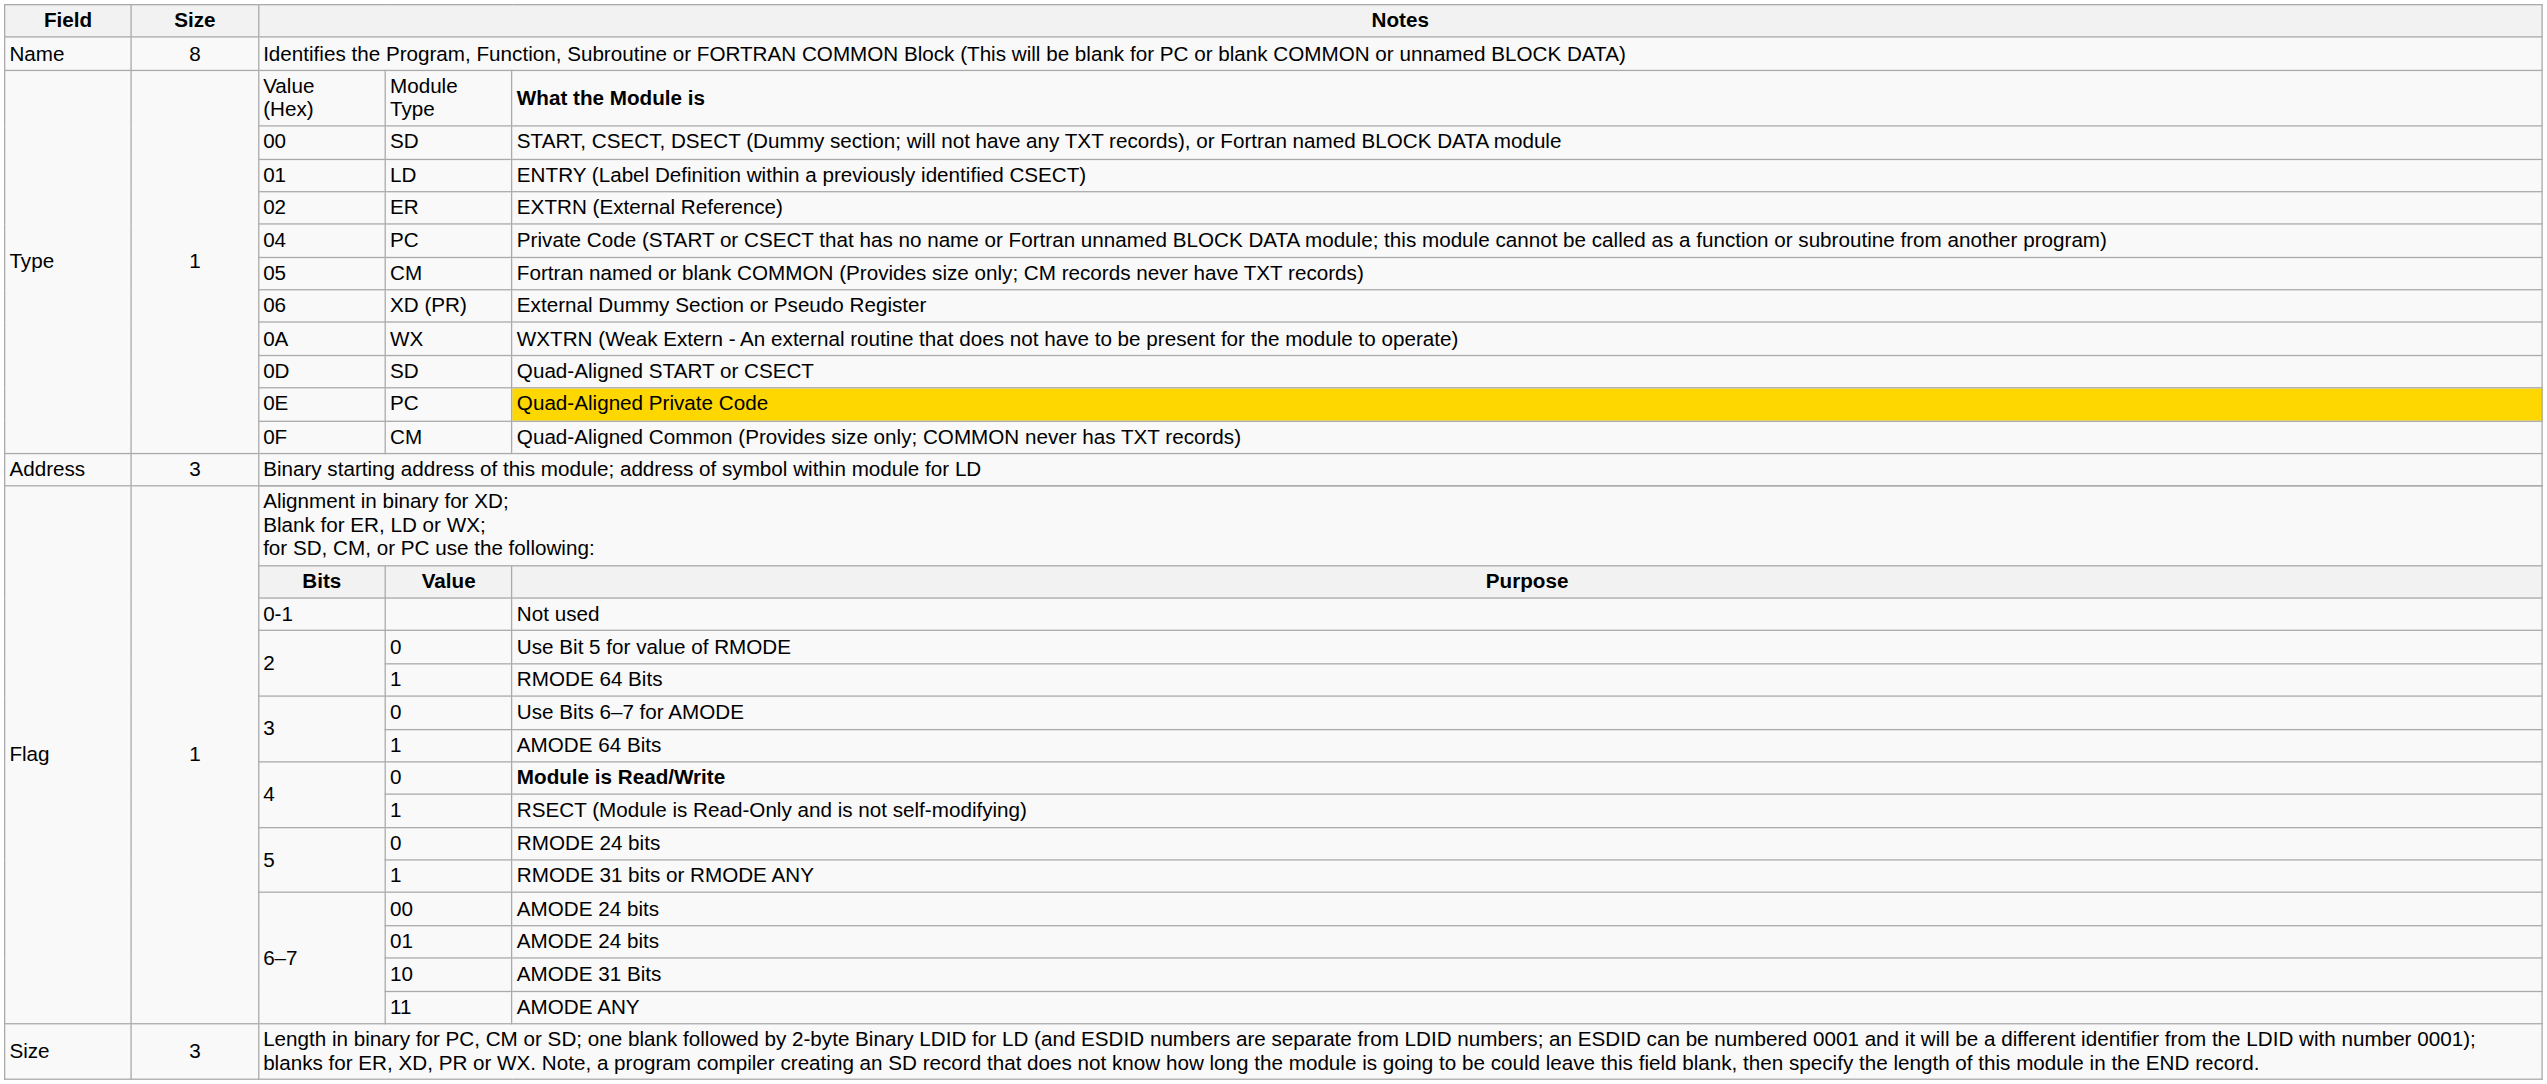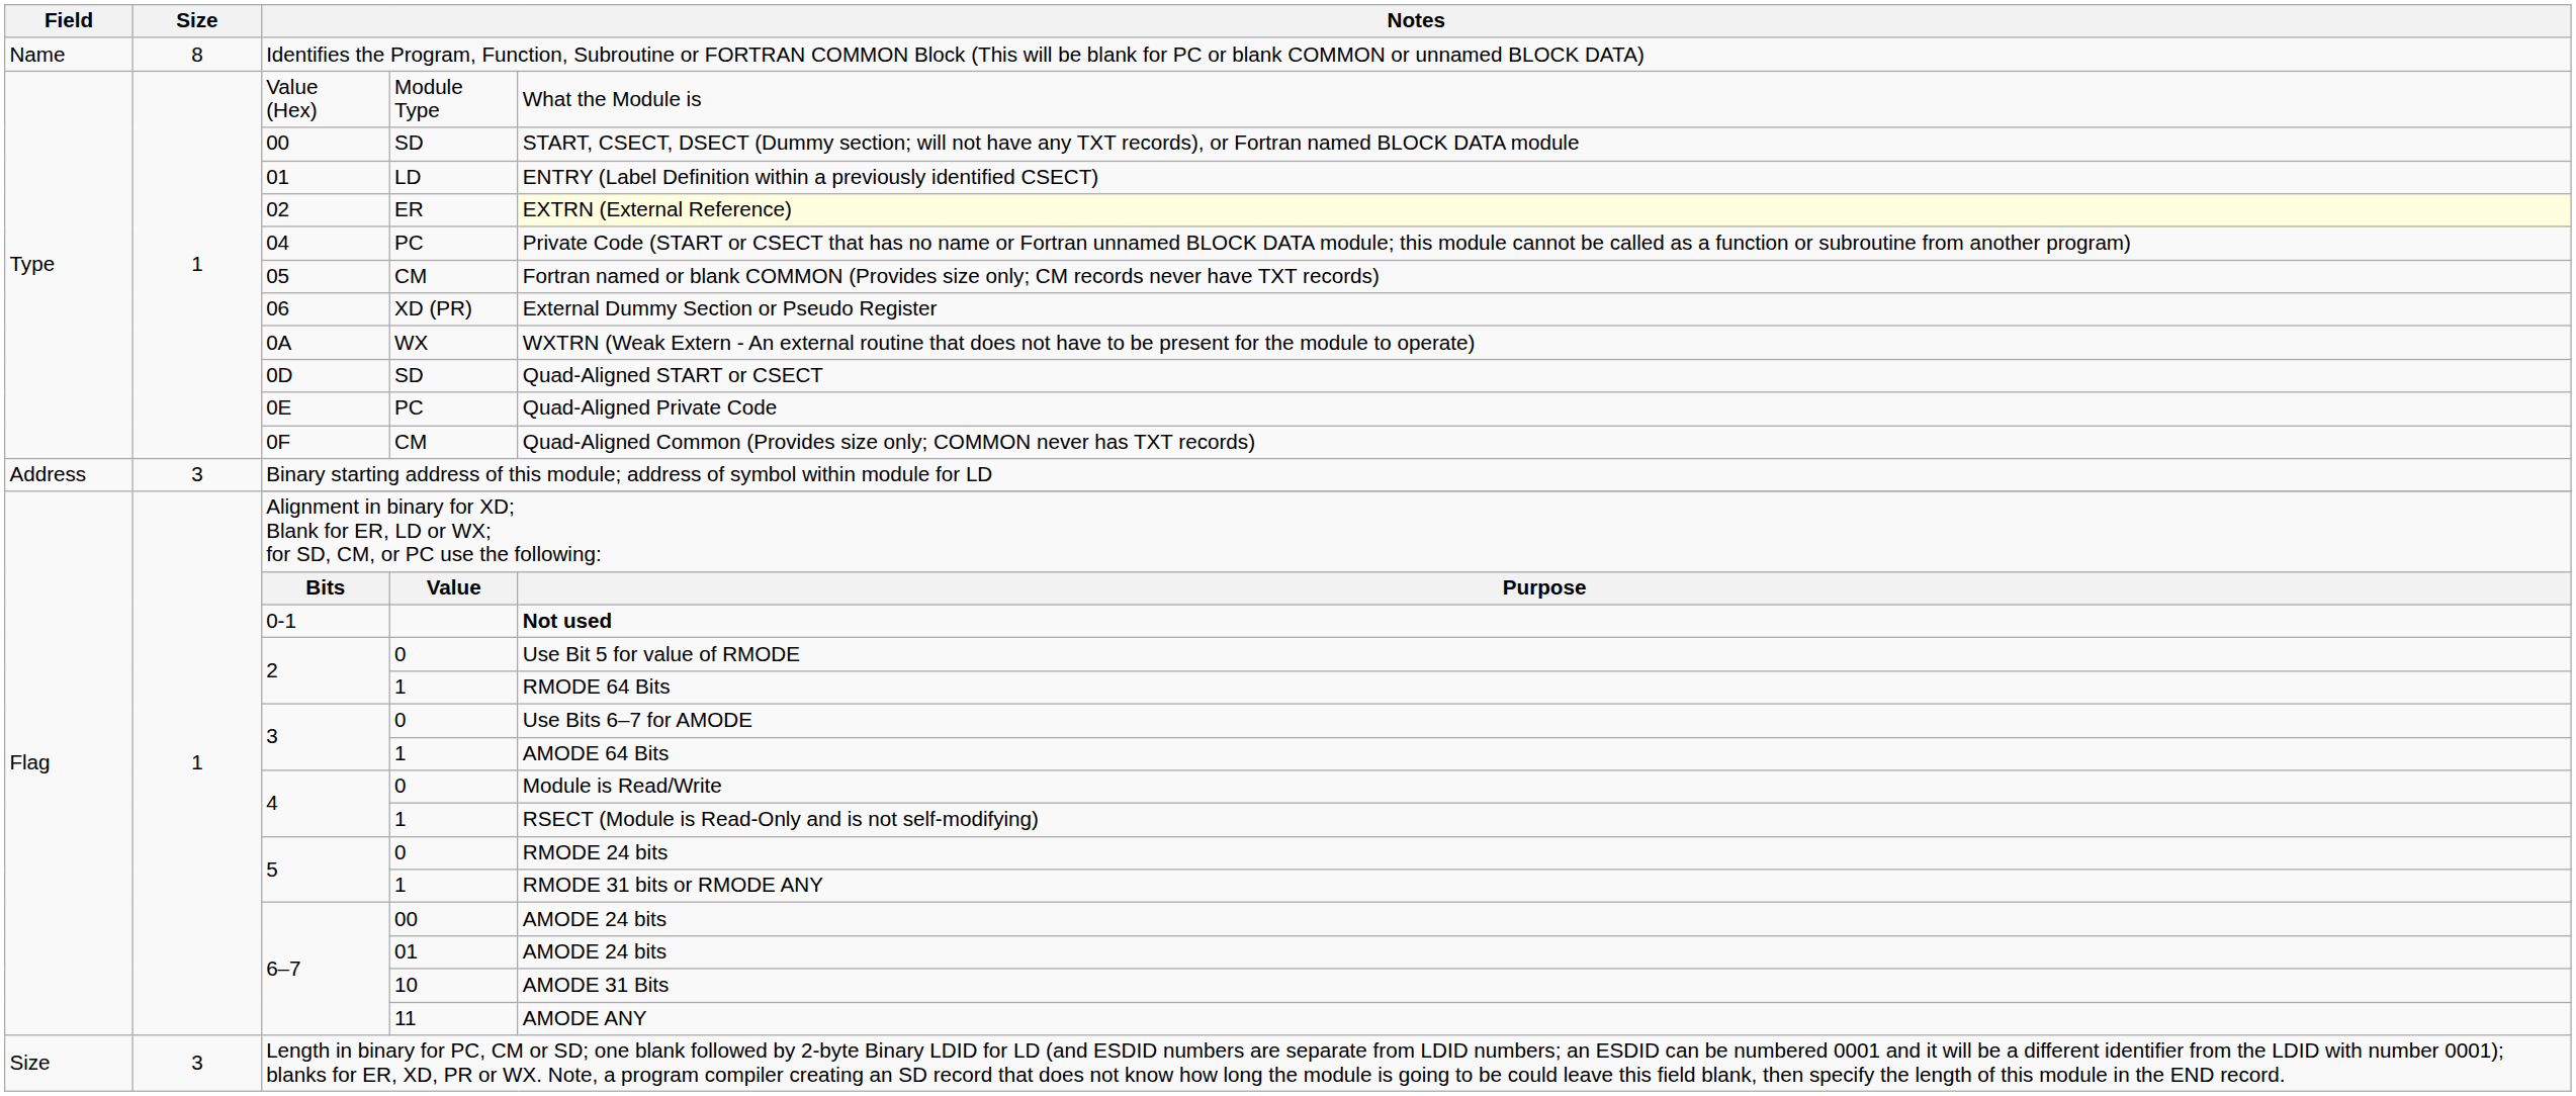 <table class="wikitable" border="1">
 <tr>
 <th width=5%   style="text-align:center">Field</th>
 <th width=5%   style="text-align:center">Size</th>
 <th colspan=3 style="text-align:center">Notes</th>
 </tr>
 <tr>
 <td>Name</td>
 <td style="text-align:center">8</td>
 <td colspan=3>Identifies the Program, Function, Subroutine or FORTRAN COMMON Block (This will be blank for PC or blank COMMON or unnamed BLOCK DATA)</td>
 </tr>
 <tr>
 <td rowspan=11>Type</td>
 <td rowspan=11 style="text-align:center">1</td>
 <td width=5%>Value<br>(Hex)</td>
 <td width=5%>Module<br>Type</td>
-<td><strong>What the Module is</strong></td>
+<td>What the Module is</td>
 </tr>
 <tr>
 <td>00</td>
 <td>SD</td>
 <td>START, CSECT,  DSECT (Dummy section; will not have any TXT records), or Fortran named BLOCK DATA module</td>
 </tr>
 <tr>
 <td>01</td>
 <td>LD</td>
 <td>ENTRY (Label Definition within a previously identified CSECT)</td>
 </tr>
 <tr>
 <td>02</td>
 <td>ER</td>
-<td>EXTRN (External Reference)</td>
+<td style="background: lightyellow;">EXTRN (External Reference)</td>
 </tr>
 <tr>
 <td>04</td>
 <td>PC</td>
 <td>Private Code (START or CSECT that has no name or Fortran unnamed BLOCK DATA module; this module cannot be called as a function or subroutine from another program)</td>
 </tr>
 <tr>
 <td>05</td>
 <td>CM</td>
 <td>Fortran named or blank COMMON (Provides size only; CM records never have TXT records)</td>
 </tr>
 <tr>
 <td>06</td>
 <td>XD (PR)</td>
 <td>External Dummy Section or Pseudo Register</td>
 </tr>
 <tr>
 <td>0A</td>
 <td>WX</td>
 <td>WXTRN (Weak Extern - An external routine that does not have to be present for the module to operate)</td>
 </tr>
 <tr>
 <td>0D</td>
 <td>SD</td>
 <td>Quad-Aligned START or CSECT</td>
 </tr>
 <tr>
 <td>0E</td>
 <td>PC</td>
-<td style="background: gold;">Quad-Aligned Private Code</td>
+<td>Quad-Aligned Private Code</td>
 </tr>
 <tr>
 <td>0F</td>
 <td>CM</td>
 <td>Quad-Aligned Common (Provides size only; COMMON never has TXT records)</td>
 </tr>
 <tr>
 <td>Address</td>
 <td style="text-align:center">3</td>
 <td colspan=3>Binary starting address of this module; address of symbol within module for LD</td>
 </tr>
 <tr>
 <td rowspan=16>Flag</td>
 <td rowspan=16 style="text-align:center">1</td>
 </tr>
 <tr>
 <td colspan=3>Alignment in binary for XD;<br>Blank for ER, LD or WX;<br>for SD, CM, or PC use the following:</td>
 </tr>
 <tr>
 <th>Bits</th>
 <th>Value</th>
 <th>Purpose</th>
 </tr>
 <tr>
 <td>0-1</td>
 <td></td>
-<td>Not used</td>
+<td><strong>Not used</strong></td>
 </tr>
 <tr>
 <td rowspan=2>2</td>
 <td>0</td>
 <td>Use Bit 5 for value of RMODE</td>
 </tr>
 <tr>
 <td>1</td>
 <td>RMODE 64 Bits</td>
 </tr>
 <tr>
 <td rowspan=2>3</td>
 <td>0</td>
 <td>Use Bits 6–7 for AMODE</td>
 </tr>
 <tr>
 <td>1</td>
 <td>AMODE 64 Bits</td>
 </tr>
 <tr>
 <td rowspan=2>4</td>
 <td>0</td>
-<td><strong>Module is Read/Write</strong></td>
+<td>Module is Read/Write</td>
 </tr>
 <tr>
 <td>1</td>
 <td>RSECT (Module is Read-Only and is not self-modifying)</td>
 </tr>
 <tr>
 <td rowspan=2>5</td>
 <td>0</td>
 <td>RMODE 24 bits</td>
 </tr>
 <tr>
 <td>1</td>
 <td>RMODE 31 bits or RMODE ANY</td>
 </tr>
 <tr>
 <td rowspan=4>6–7</td>
 <td>00</td>
 <td>AMODE 24 bits</td>
 </tr>
 <tr>
 <td>01</td>
 <td>AMODE 24 bits</td>
 </tr>
 <tr>
 <td>10</td>
 <td>AMODE 31 Bits</td>
 </tr>
 <tr>
 <td>11</td>
 <td>AMODE ANY</td>
 </tr>
 <tr>
 <td>Size</td>
 <td style="text-align:center">3</td>
 <td colspan=3>Length in binary for PC, CM or SD; one blank followed by 2-byte Binary LDID for LD (and ESDID numbers are separate from LDID numbers; an ESDID can be numbered 0001 and it will be a different identifier from the LDID with number 0001); blanks for ER, XD, PR or WX. Note, a program compiler creating an SD record that does not know how long the module is going to be could leave this field blank, then specify the length of this module in the END record.</td>
 </tr>
 </table>
